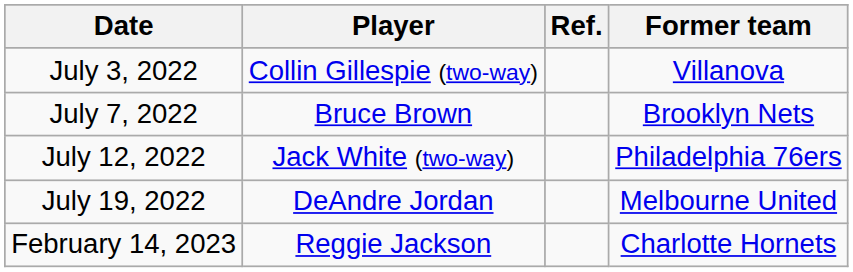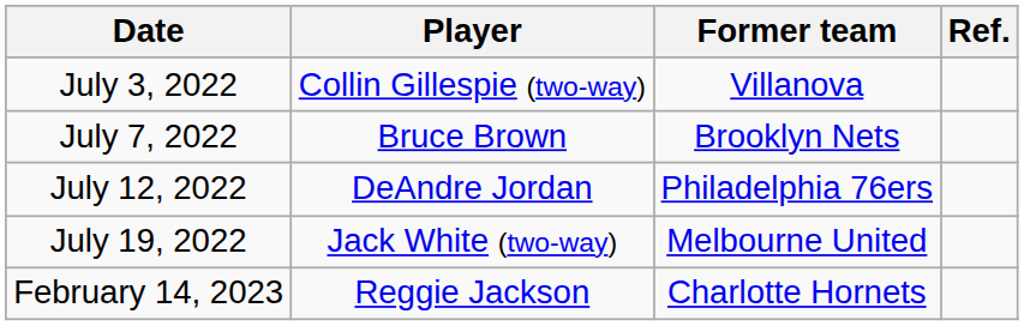 <table class="wikitable sortable sortable" style="text-align: center">
 <tr>
 <th>Date</th>
 <th>Player</th>
+<th>Former team</th>
 <th>Ref.</th>
-<th>Former team</th>
 </tr>
 <tr>
 <td>July 3, 2022</td>
 <td><a href='#'>Collin Gillespie</a> <small>(<a href='#'>two-way</a>)</small></td>
+<td><a href='#'>Villanova</a></td>
 <td></td>
-<td><a href='#'>Villanova</a></td>
 </tr>
 <tr>
 <td>July 7, 2022</td>
 <td><a href='#'>Bruce Brown</a></td>
+<td><a href='#'>Brooklyn Nets</a></td>
 <td></td>
-<td><a href='#'>Brooklyn Nets</a></td>
 </tr>
 <tr>
 <td>July 12, 2022</td>
-<td><a href='#'>Jack White</a> <small>(<a href='#'>two-way</a>)</small></td>
+<td><a href='#'>DeAndre Jordan</a></td>
+<td><a href='#'>Philadelphia 76ers</a></td>
 <td></td>
-<td><a href='#'>Philadelphia 76ers</a></td>
 </tr>
 <tr>
 <td>July 19, 2022</td>
-<td><a href='#'>DeAndre Jordan</a></td>
+<td><a href='#'>Jack White</a> <small>(<a href='#'>two-way</a>)</small></td>
+<td><a href='#'>Melbourne United</a> </td>
 <td></td>
-<td><a href='#'>Melbourne United</a> </td>
 </tr>
 <tr>
 <td>February 14, 2023</td>
 <td><a href='#'>Reggie Jackson</a></td>
+<td><a href='#'>Charlotte Hornets</a></td>
 <td></td>
-<td><a href='#'>Charlotte Hornets</a></td>
 </tr>
 </table>
